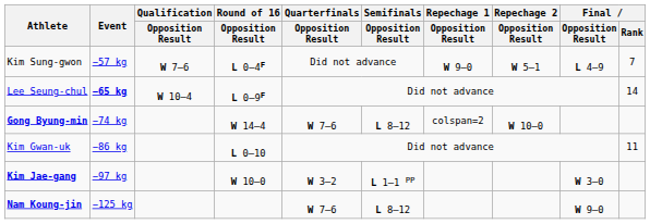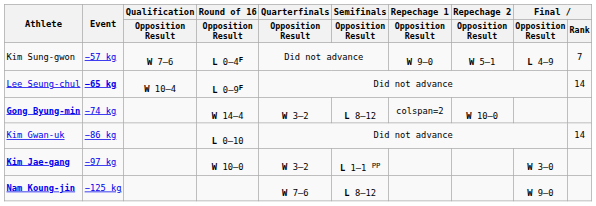 <table class=wikitable style=font-size:90%;text-align:center>
 <tr>
 <th rowspan="2">Athlete</th>
 <th rowspan="2">Event</th>
 <th>Qualification</th>
 <th>Round of 16</th>
 <th>Quarterfinals</th>
 <th>Semifinals</th>
 <th>Repechage 1</th>
 <th>Repechage 2</th>
 <th colspan=2>Final / </th>
 </tr>
 <tr style=font-size:95%>
 <th>Opposition<br>Result</th>
 <th>Opposition<br>Result</th>
 <th>Opposition<br>Result</th>
 <th>Opposition<br>Result</th>
 <th>Opposition<br>Result</th>
 <th>Opposition<br>Result</th>
 <th>Opposition<br>Result</th>
 <th>Rank</th>
 </tr>
 <tr>
 <td align=left>Kim Sung-gwon</td>
 <td align=left><a href='#'>−57 kg</a></td>
 <td><br><strong>W</strong> 7–6</td>
 <td><br><strong>L</strong> 0–4<sup><strong>F</strong></sup></td>
 <td colspan=2>Did not advance</td>
 <td><br><strong>W</strong> 9–0</td>
 <td><br><strong>W</strong> 5–1</td>
 <td><br><strong>L</strong> 4–9</td>
 <td>7</td>
 </tr>
 <tr>
 <td align=left><a href='#'>Lee Seung-chul</a></td>
 <td align=left><strong><a href='#'>−65 kg</a></strong></td>
 <td><br><strong>W</strong> 10–4</td>
 <td><br><strong>L</strong> 0–9<sup><strong>F</strong></sup></td>
 <td colspan=5>Did not advance</td>
 <td>14</td>
 </tr>
 <tr>
 <td align=left><strong><a href='#'>Gong Byung-min</a></strong></td>
 <td align=left><a href='#'>−74 kg</a></td>
 <td></td>
 <td><br><strong>W</strong> 14–4</td>
-<td><br><strong>W</strong> 7–6</td>
+<td><br><strong>W</strong> 3–2</td>
 <td><br><strong>L</strong> 8–12</td>
 <td>colspan=2 </td>
 <td><br><strong>W</strong> 10–0</td>
 <td></td>
 </tr>
 <tr>
 <td align=left><a href='#'>Kim Gwan-uk</a></td>
 <td align=left><a href='#'>−86 kg</a></td>
 <td></td>
 <td><br><strong>L</strong> 0–10</td>
 <td colspan=5>Did not advance</td>
-<td>11</td>
+<td>14</td>
 </tr>
 <tr>
 <td align=left><strong><a href='#'>Kim Jae-gang</a></strong></td>
 <td align=left><a href='#'>−97 kg</a></td>
 <td></td>
 <td><br><strong>W</strong> 10–0</td>
 <td><br><strong>W</strong> 3–2</td>
 <td><br><strong>L</strong> 1–1 <sup>PP</sup></td>
 <td></td>
 <td></td>
 <td><br><strong>W</strong> 3–0</td>
 <td></td>
 </tr>
 <tr>
 <td align=left><strong><a href='#'>Nam Koung-jin</a></strong></td>
 <td align=left><a href='#'>−125 kg</a></td>
 <td></td>
 <td></td>
 <td><br><strong>W</strong> 7–6</td>
 <td><br><strong>L</strong> 8–12</td>
 <td></td>
 <td></td>
 <td><br><strong>W</strong> 9–0</td>
 <td></td>
 </tr>
 </table>
